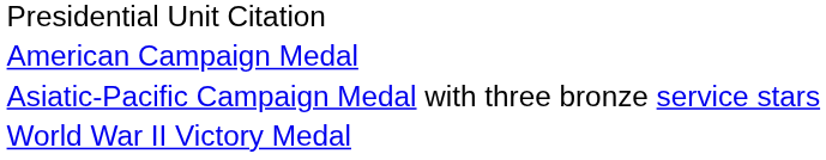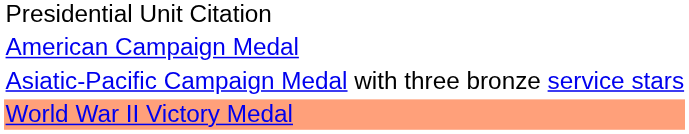 <table>
 <tr>
 <td> Presidential Unit Citation</td>
 </tr>
 <tr>
 <td> <a href='#'>American Campaign Medal</a></td>
 </tr>
 <tr>
 <td> <a href='#'>Asiatic-Pacific Campaign Medal</a> with three bronze <a href='#'>service stars</a></td>
 </tr>
 <tr>
-<td> <a href='#'>World War II Victory Medal</a></td>
+<td style="background: lightsalmon;"> <a href='#'>World War II Victory Medal</a></td>
 </tr>
 </table>
